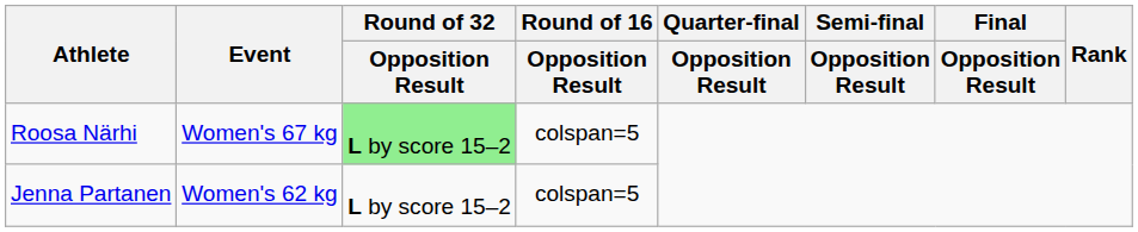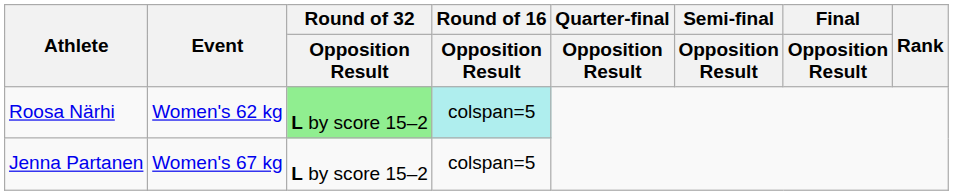 <table class="wikitable">
 <tr>
 <th rowspan="2">Athlete</th>
 <th rowspan="2">Event</th>
 <th>Round of 32</th>
 <th>Round of 16</th>
 <th>Quarter-final</th>
 <th>Semi-final</th>
 <th>Final</th>
 <th rowspan="2">Rank</th>
 </tr>
 <tr>
 <th>Opposition<br>Result</th>
 <th>Opposition<br>Result</th>
 <th>Opposition<br>Result</th>
 <th>Opposition<br>Result</th>
 <th>Opposition<br>Result</th>
 </tr>
 <tr align=center>
 <td align=left><a href='#'>Roosa Närhi</a></td>
-<td align=left><a href='#'>Women's 67 kg</a></td>
+<td align=left><a href='#'>Women's 62 kg</a></td>
 <td style="background: lightgreen;"><br><strong>L</strong> by score 15–2</td>
-<td>colspan=5 </td>
+<td style="background: paleturquoise;">colspan=5 </td>
 </tr>
 <tr align=center>
 <td align=left><a href='#'>Jenna Partanen</a></td>
-<td align=left><a href='#'>Women's 62 kg</a></td>
+<td align=left><a href='#'>Women's 67 kg</a></td>
 <td><br><strong>L</strong> by score 15–2</td>
 <td>colspan=5 </td>
 </tr>
 </table>
